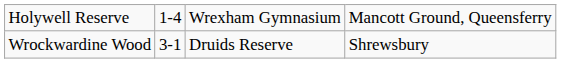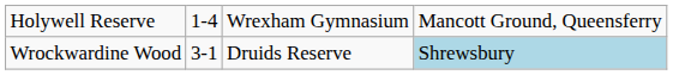 <table class="wikitable">
 <tr>
 <td>Holywell Reserve</td>
 <td>1-4</td>
 <td>Wrexham Gymnasium</td>
 <td>Mancott Ground, Queensferry</td>
 </tr>
 <tr>
 <td> Wrockwardine Wood</td>
 <td>3-1</td>
 <td>Druids Reserve</td>
-<td> Shrewsbury</td>
+<td style="background: lightblue;"> Shrewsbury</td>
 </tr>
 </table>
